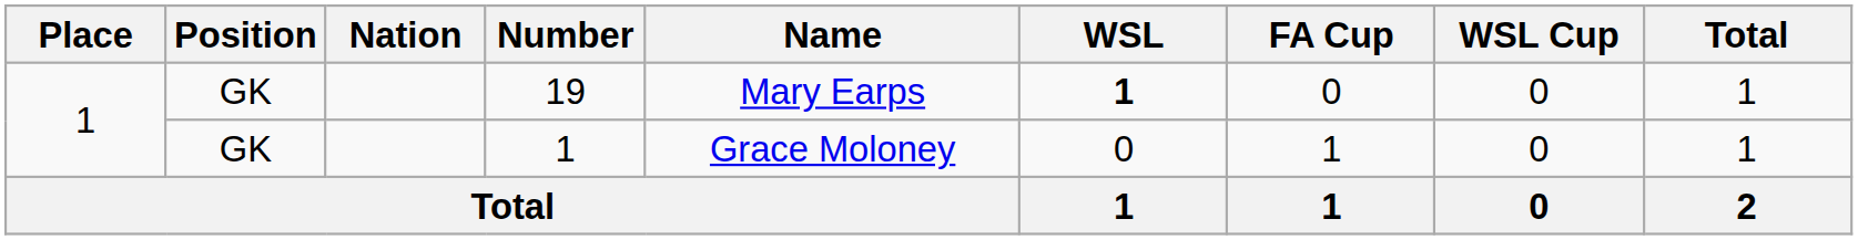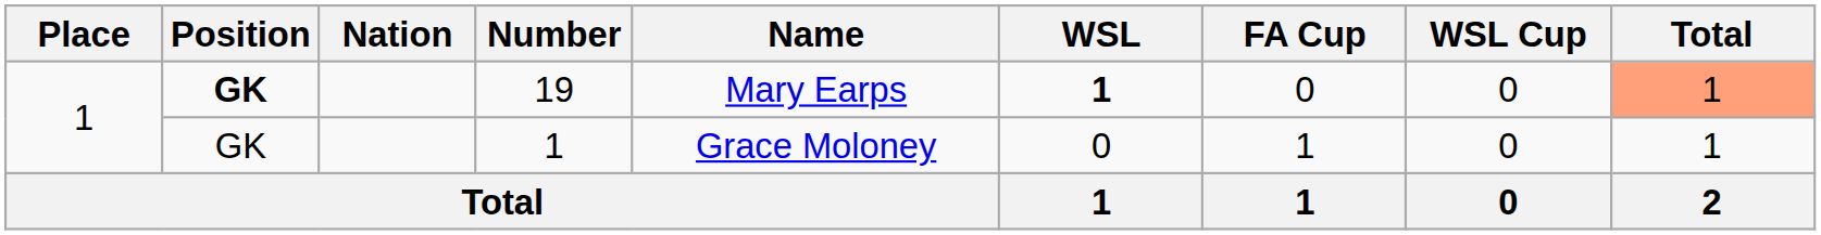 <table class="wikitable" style="font-size: 95%; text-align: center;">
 <tr>
 <th width=60>Place</th>
 <th width=60>Position</th>
 <th width=60>Nation</th>
 <th width=60>Number</th>
 <th width=150>Name</th>
 <th width=80>WSL</th>
 <th width=80>FA Cup</th>
 <th width=80>WSL Cup</th>
 <th width=80>Total</th>
 </tr>
 <tr>
 <td rowspan="2">1</td>
-<td>GK</td>
+<td><strong>GK</strong></td>
 <td></td>
 <td>19</td>
 <td><a href='#'>Mary Earps</a></td>
 <td><strong>1</strong></td>
 <td>0</td>
 <td>0</td>
-<td>1</td>
+<td style="background: lightsalmon;">1</td>
 </tr>
 <tr>
 <td>GK</td>
 <td></td>
 <td>1</td>
 <td><a href='#'>Grace Moloney</a></td>
 <td>0</td>
 <td>1</td>
 <td>0</td>
 <td>1</td>
 </tr>
 <tr>
 <th colspan=5>Total</th>
 <th>1</th>
 <th>1</th>
 <th>0</th>
 <th>2</th>
 </tr>
 </table>
